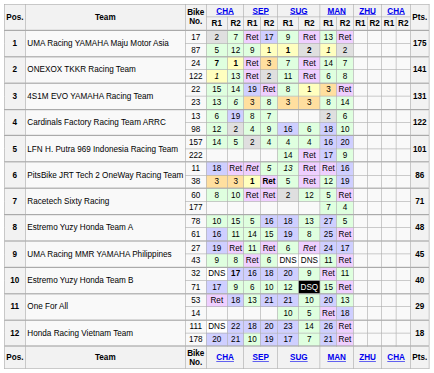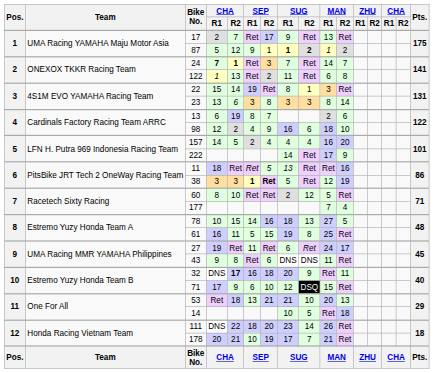 <table class="wikitable" style="font-size:85%; text-align:center;">
 <tr>
 <th rowspan=2>Pos.</th>
 <th rowspan=2>Team</th>
 <th rowspan=2>Bike<br>No.</th>
 <th colspan=2><a href='#'>CHA</a><br></th>
 <th colspan=2><a href='#'>SEP</a><br></th>
 <th colspan=2><a href='#'>SUG</a><br></th>
 <th colspan=2><a href='#'>MAN</a><br></th>
 <th colspan=2><a href='#'>ZHU</a><br></th>
 <th colspan=2><a href='#'>CHA</a><br></th>
 <th rowspan=2>Pts.</th>
 </tr>
 <tr>
 <th>R1</th>
 <th>R2</th>
 <th>R1</th>
 <th>R2</th>
 <th>R1</th>
 <th>R2</th>
 <th>R1</th>
 <th>R2</th>
 <th>R1</th>
 <th>R2</th>
 <th>R1</th>
 <th>R2</th>
 </tr>
 <tr style="border-top:2px solid #aaaaaa">
 <th rowspan=2>1</th>
 <td rowspan=2 align=left>UMA Racing YAMAHA Maju Motor Asia</td>
 <td>17</td>
 <td style="background:#dfdfdf;">2</td>
 <td style="background:#dfffdf;">7</td>
 <td style="background:#efcfff;">Ret</td>
 <td style="background:#cfcfff;">17</td>
 <td style="background:#dfffdf;">9</td>
 <td style="background:#efcfff;">Ret</td>
 <td style="background:#dfffdf;">13</td>
 <td style="background:#efcfff;">Ret</td>
 <td style="background:#;"></td>
 <td style="background:#;"></td>
 <td style="background:#;"></td>
 <td style="background:#;"></td>
 <th rowspan=2>175</th>
 </tr>
 <tr>
 <td>87</td>
 <td style="background:#dfffdf;">5</td>
 <td style="background:#dfffdf;">12</td>
 <td style="background:#dfffdf;">9</td>
 <td style="background:#ffffbf;">1</td>
 <td style="background:#ffffbf;"><strong>1</strong></td>
 <td style="background:#dfdfdf;"><strong>2</strong></td>
 <td style="background:#ffffbf;"><em>1</em></td>
 <td style="background:#dfdfdf;">2</td>
 <td style="background:#;"></td>
 <td style="background:#;"></td>
 <td style="background:#;"></td>
 <td style="background:#;"></td>
 </tr>
 <tr style="border-top:2px solid #aaaaaa">
 <th rowspan=2>2</th>
 <td rowspan=2 align=left>ONEXOX TKKR Racing Team</td>
 <td>24</td>
 <td style="background:#dfffdf;"><strong>7</strong></td>
 <td style="background:#ffffbf;"><strong>1</strong></td>
 <td style="background:#efcfff;">Ret</td>
 <td style="background:#ffdf9f;">3</td>
 <td style="background:#dfffdf;">7</td>
 <td style="background:#efcfff;">Ret</td>
 <td style="background:#dfffdf;">14</td>
 <td style="background:#dfffdf;">7</td>
 <td style="background:#;"></td>
 <td style="background:#;"></td>
 <td style="background:#;"></td>
 <td style="background:#;"></td>
 <th rowspan=2>141</th>
 </tr>
 <tr>
 <td>122</td>
 <td style="background:#ffffbf;"><em>1</em></td>
 <td style="background:#dfffdf;">13</td>
 <td style="background:#efcfff;">Ret</td>
 <td style="background:#dfdfdf;">2</td>
 <td style="background:#dfffdf;">11</td>
 <td style="background:#efcfff;">Ret</td>
 <td style="background:#dfffdf;">6</td>
 <td style="background:#dfffdf;">8</td>
 <td style="background:#;"></td>
 <td style="background:#;"></td>
 <td style="background:#;"></td>
 <td style="background:#;"></td>
 </tr>
 <tr style="border-top:2px solid #aaaaaa">
 <th rowspan=2>3</th>
 <td rowspan=2 align=left>4S1M EVO YAMAHA Racing Team</td>
 <td>22</td>
 <td style="background:#dfffdf;">15</td>
 <td style="background:#dfffdf;">14</td>
 <td style="background:#cfcfff;">19</td>
 <td style="background:#efcfff;">Ret</td>
 <td style="background:#dfffdf;">8</td>
 <td style="background:#ffffbf;">1</td>
 <td style="background:#ffdf9f;">3</td>
 <td style="background:#efcfff;">Ret</td>
 <td style="background:#;"></td>
 <td style="background:#;"></td>
 <td style="background:#;"></td>
 <td style="background:#;"></td>
 <th rowspan=2>131</th>
 </tr>
 <tr>
 <td>23</td>
 <td style="background:#dfffdf;">13</td>
 <td style="background:#dfffdf;"><em>6</em></td>
 <td style="background:#ffdf9f;">3</td>
 <td style="background:#dfffdf;">8</td>
 <td style="background:#ffdf9f;">3</td>
 <td style="background:#ffdf9f;">3</td>
 <td style="background:#dfffdf;">8</td>
 <td style="background:#dfffdf;">14</td>
 <td style="background:#;"></td>
 <td style="background:#;"></td>
 <td style="background:#;"></td>
 <td style="background:#;"></td>
 </tr>
 <tr style="border-top:2px solid #aaaaaa">
 <th rowspan=2>4</th>
 <td rowspan=2 align=left>Cardinals Factory Racing Team ARRC</td>
 <td>13</td>
 <td style="background:#dfffdf;">6</td>
 <td style="background:#cfcfff;">19</td>
 <td style="background:#dfffdf;">8</td>
 <td style="background:#dfffdf;">7</td>
 <td style="background:#;"></td>
 <td style="background:#;"></td>
 <td style="background:#dfdfdf;">2</td>
 <td style="background:#dfffdf;">6</td>
 <td style="background:#;"></td>
 <td style="background:#;"></td>
 <td style="background:#;"></td>
 <td style="background:#;"></td>
 <th rowspan=2>122</th>
 </tr>
 <tr>
 <td>98</td>
 <td style="background:#dfffdf;">12</td>
 <td style="background:#dfdfdf;">2</td>
 <td style="background:#dfffdf;">4</td>
 <td style="background:#dfffdf;">9</td>
 <td style="background:#cfcfff;">16</td>
 <td style="background:#dfffdf;">6</td>
 <td style="background:#cfcfff;">18</td>
 <td style="background:#dfffdf;">10</td>
 <td style="background:#;"></td>
 <td style="background:#;"></td>
 <td style="background:#;"></td>
 <td style="background:#;"></td>
 </tr>
 <tr style="border-top:2px solid #aaaaaa">
 <th rowspan=2>5</th>
 <td rowspan=2 align=left>LFN H. Putra 969 Indonesia Racing Team</td>
 <td>157</td>
 <td style="background:#dfffdf;">14</td>
 <td style="background:#dfffdf;">5</td>
 <td style="background:#dfdfdf;">2</td>
 <td style="background:#dfffdf;">4</td>
 <td style="background:#dfffdf;">4</td>
 <td style="background:#dfffdf;">4</td>
 <td style="background:#cfcfff;">16</td>
 <td style="background:#cfcfff;">20</td>
 <td style="background:#;"></td>
 <td style="background:#;"></td>
 <td style="background:#;"></td>
 <td style="background:#;"></td>
 <th rowspan=2>101</th>
 </tr>
 <tr>
 <td>222</td>
 <td style="background:#;"></td>
 <td style="background:#;"></td>
 <td style="background:#;"></td>
 <td style="background:#;"></td>
 <td style="background:#dfffdf;">14</td>
 <td style="background:#efcfff;">Ret</td>
 <td style="background:#cfcfff;">17</td>
 <td style="background:#dfffdf;">9</td>
 <td style="background:#;"></td>
 <td style="background:#;"></td>
 <td style="background:#;"></td>
 <td style="background:#;"></td>
 </tr>
 <tr style="border-top:2px solid #aaaaaa">
 <th rowspan=2>6</th>
 <td rowspan=2 align=left>PitsBike JRT Tech 2 OneWay Racing Team</td>
 <td>11</td>
 <td style="background:#cfcfff;">18</td>
 <td style="background:#efcfff;">Ret</td>
 <td style="background:#efcfff;"><em>Ret</em></td>
 <td style="background:#dfffdf;"><em>5</em></td>
 <td style="background:#dfffdf;"><em>13</em></td>
 <td style="background:#efcfff;">Ret</td>
 <td style="background:#efcfff;">Ret</td>
 <td style="background:#cfcfff;">16</td>
 <td style="background:#;"></td>
 <td style="background:#;"></td>
 <td style="background:#;"></td>
 <td style="background:#;"></td>
 <th rowspan=2>86</th>
 </tr>
 <tr>
 <td>38</td>
 <td style="background:#ffdf9f;">3</td>
 <td style="background:#ffdf9f;">3</td>
 <td style="background:#ffffbf;"><strong>1</strong></td>
 <td style="background:#efcfff;"><strong>Ret</strong></td>
 <td style="background:#dfffdf;">5</td>
 <td style="background:#efcfff;">Ret</td>
 <td style="background:#dfffdf;">12</td>
 <td style="background:#cfcfff;">19</td>
 <td style="background:#;"></td>
 <td style="background:#;"></td>
 <td style="background:#;"></td>
 <td style="background:#;"></td>
 </tr>
 <tr style="border-top:2px solid #aaaaaa">
 <th rowspan=2>7</th>
 <td rowspan=2 align=left>Racetech Sixty Racing</td>
 <td>60</td>
 <td style="background:#dfffdf;">8</td>
 <td style="background:#dfffdf;">10</td>
 <td style="background:#efcfff;">Ret</td>
 <td style="background:#efcfff;">Ret</td>
 <td style="background:#dfdfdf;">2</td>
 <td style="background:#dfffdf;">12</td>
 <td style="background:#dfffdf;">5</td>
 <td style="background:#efcfff;">Ret</td>
 <td style="background:#;"></td>
 <td style="background:#;"></td>
 <td style="background:#;"></td>
 <td style="background:#;"></td>
 <th rowspan=2>71</th>
 </tr>
 <tr>
 <td>177</td>
 <td style="background:#;"></td>
 <td style="background:#;"></td>
 <td style="background:#;"></td>
 <td style="background:#;"></td>
 <td style="background:#;"></td>
 <td style="background:#;"></td>
 <td style="background:#dfffdf;">7</td>
 <td style="background:#dfffdf;">4</td>
 <td style="background:#;"></td>
 <td style="background:#;"></td>
 <td style="background:#;"></td>
 <td style="background:#;"></td>
 </tr>
 <tr style="border-top:2px solid #aaaaaa">
 <th rowspan=2>8</th>
 <td rowspan=2 align=left>Estremo Yuzy Honda Team A</td>
 <td>78</td>
 <td style="background:#dfffdf;">10</td>
 <td style="background:#dfffdf;">15</td>
-<td style="background:#dfffdf;">5</td>
+<td style="background:#dfffdf;">14</td>
 <td style="background:#cfcfff;">16</td>
 <td style="background:#cfcfff;">18</td>
 <td style="background:#dfffdf;">13</td>
 <td style="background:#cfcfff;">27</td>
 <td style="background:#dfffdf;">5</td>
 <td style="background:#;"></td>
 <td style="background:#;"></td>
 <td style="background:#;"></td>
 <td style="background:#;"></td>
 <th rowspan=2>48</th>
 </tr>
 <tr>
 <td>61</td>
 <td style="background:#cfcfff;">16</td>
 <td style="background:#dfffdf;">11</td>
-<td style="background:#dfffdf;">14</td>
+<td style="background:#dfffdf;">5</td>
 <td style="background:#dfffdf;">15</td>
 <td style="background:#cfcfff;">19</td>
 <td style="background:#dfffdf;">8</td>
 <td style="background:#cfcfff;">25</td>
 <td style="background:#efcfff;">Ret</td>
 <td style="background:#;"></td>
 <td style="background:#;"></td>
 <td style="background:#;"></td>
 <td style="background:#;"></td>
 </tr>
 <tr style="border-top:2px solid #aaaaaa">
 <th rowspan=2>9</th>
 <td rowspan=2 align=left>UMA Racing MMR YAMAHA Philippines</td>
 <td>27</td>
 <td style="background:#cfcfff;">19</td>
 <td style="background:#efcfff;">Ret</td>
 <td style="background:#dfffdf;">11</td>
 <td style="background:#efcfff;">Ret</td>
 <td style="background:#dfffdf;">6</td>
 <td style="background:#efcfff;"><em>Ret</em></td>
 <td style="background:#cfcfff;">24</td>
 <td style="background:#cfcfff;">17</td>
 <td style="background:#;"></td>
 <td style="background:#;"></td>
 <td style="background:#;"></td>
 <td style="background:#;"></td>
 <th rowspan=2>45</th>
 </tr>
 <tr>
 <td>43</td>
 <td style="background:#dfffdf;">9</td>
 <td style="background:#dfffdf;">8</td>
 <td style="background:#efcfff;">Ret</td>
 <td style="background:#dfffdf;">6</td>
 <td style="background:#ffffff;">DNS</td>
 <td style="background:#ffffff;">DNS</td>
 <td style="background:#dfffdf;">11</td>
 <td style="background:#efcfff;">Ret</td>
 <td style="background:#;"></td>
 <td style="background:#;"></td>
 <td style="background:#;"></td>
 <td style="background:#;"></td>
 </tr>
 <tr style="border-top:2px solid #aaaaaa">
 <th rowspan=2>10</th>
 <td rowspan=2 align=left>Estremo Yuzy Honda Team B</td>
 <td>32</td>
 <td style="background:#ffffff;">DNS</td>
 <td style="background:#cfcfff;"><strong>17</strong></td>
 <td style="background:#cfcfff;">16</td>
 <td style="background:#cfcfff;">18</td>
 <td style="background:#cfcfff;">20</td>
 <td style="background:#dfffdf;">9</td>
 <td style="background:#efcfff;">Ret</td>
 <td style="background:#dfffdf;">11</td>
 <td style="background:#;"></td>
 <td style="background:#;"></td>
 <td style="background:#;"></td>
 <td style="background:#;"></td>
 <th rowspan=2>40</th>
 </tr>
 <tr>
 <td>71</td>
 <td style="background:#cfcfff;">17</td>
 <td style="background:#dfffdf;">9</td>
 <td style="background:#dfffdf;">6</td>
 <td style="background:#dfffdf;">10</td>
 <td style="background:#dfffdf;">12</td>
 <td style="background:#000000; letter-spacing:0px; color:white">DSQ</td>
 <td style="background:#dfffdf;">15</td>
 <td style="background:#efcfff;">Ret</td>
 <td style="background:#;"></td>
 <td style="background:#;"></td>
 <td style="background:#;"></td>
 <td style="background:#;"></td>
 </tr>
 <tr style="border-top:2px solid #aaaaaa">
 <th rowspan=2>11</th>
 <td rowspan=2 align=left>One For All</td>
 <td>53</td>
 <td style="background:#efcfff;">Ret</td>
 <td style="background:#cfcfff;">18</td>
 <td style="background:#dfffdf;">13</td>
 <td style="background:#cfcfff;">21</td>
 <td style="background:#cfcfff;">21</td>
 <td style="background:#dfffdf;">10</td>
 <td style="background:#cfcfff;">20</td>
 <td style="background:#dfffdf;">13</td>
 <td style="background:#;"></td>
 <td style="background:#;"></td>
 <td style="background:#;"></td>
 <td style="background:#;"></td>
 <th rowspan=2>29</th>
 </tr>
 <tr>
 <td>14</td>
 <td style="background:#;"></td>
 <td style="background:#;"></td>
 <td style="background:#;"></td>
 <td style="background:#;"></td>
 <td style="background:#dfffdf;">10</td>
 <td style="background:#dfffdf;">5</td>
 <td style="background:#efcfff;">Ret</td>
 <td style="background:#cfcfff;">18</td>
 <td style="background:#;"></td>
 <td style="background:#;"></td>
 <td style="background:#;"></td>
 <td style="background:#;"></td>
 </tr>
 <tr style="border-top:2px solid #aaaaaa">
 <th rowspan=2>12</th>
 <td rowspan=2 align=left>Honda Racing Vietnam Team</td>
 <td>111</td>
 <td style="background:#ffffff;">DNS</td>
 <td style="background:#cfcfff;">22</td>
 <td style="background:#cfcfff;">18</td>
 <td style="background:#cfcfff;">20</td>
 <td style="background:#cfcfff;">23</td>
 <td style="background:#dfffdf;">14</td>
 <td style="background:#cfcfff;">26</td>
 <td style="background:#efcfff;">Ret</td>
 <td style="background:#;"></td>
 <td style="background:#;"></td>
 <td style="background:#;"></td>
 <td style="background:#;"></td>
 <th rowspan=2>18</th>
 </tr>
 <tr>
 <td>178</td>
 <td style="background:#cfcfff;">20</td>
 <td style="background:#cfcfff;">21</td>
 <td style="background:#dfffdf;">10</td>
 <td style="background:#cfcfff;">19</td>
 <td style="background:#cfcfff;">17</td>
 <td style="background:#dfffdf;">7</td>
 <td style="background:#cfcfff;">21</td>
 <td style="background:#efcfff;">Ret</td>
 <td style="background:#;"></td>
 <td style="background:#;"></td>
 <td style="background:#;"></td>
 <td style="background:#;"></td>
 </tr>
 <tr style="border-top:2px solid #aaaaaa">
 <th>Pos.</th>
 <th>Team</th>
 <th>Bike<br>No.</th>
 <th colspan=2><a href='#'>CHA</a><br></th>
 <th colspan=2><a href='#'>SEP</a><br></th>
 <th colspan=2><a href='#'>SUG</a><br></th>
 <th colspan=2><a href='#'>MAN</a><br></th>
 <th colspan=2><a href='#'>ZHU</a><br></th>
 <th colspan=2><a href='#'>CHA</a><br></th>
 <th rowspan=2>Pts.</th>
 </tr>
 </table>
